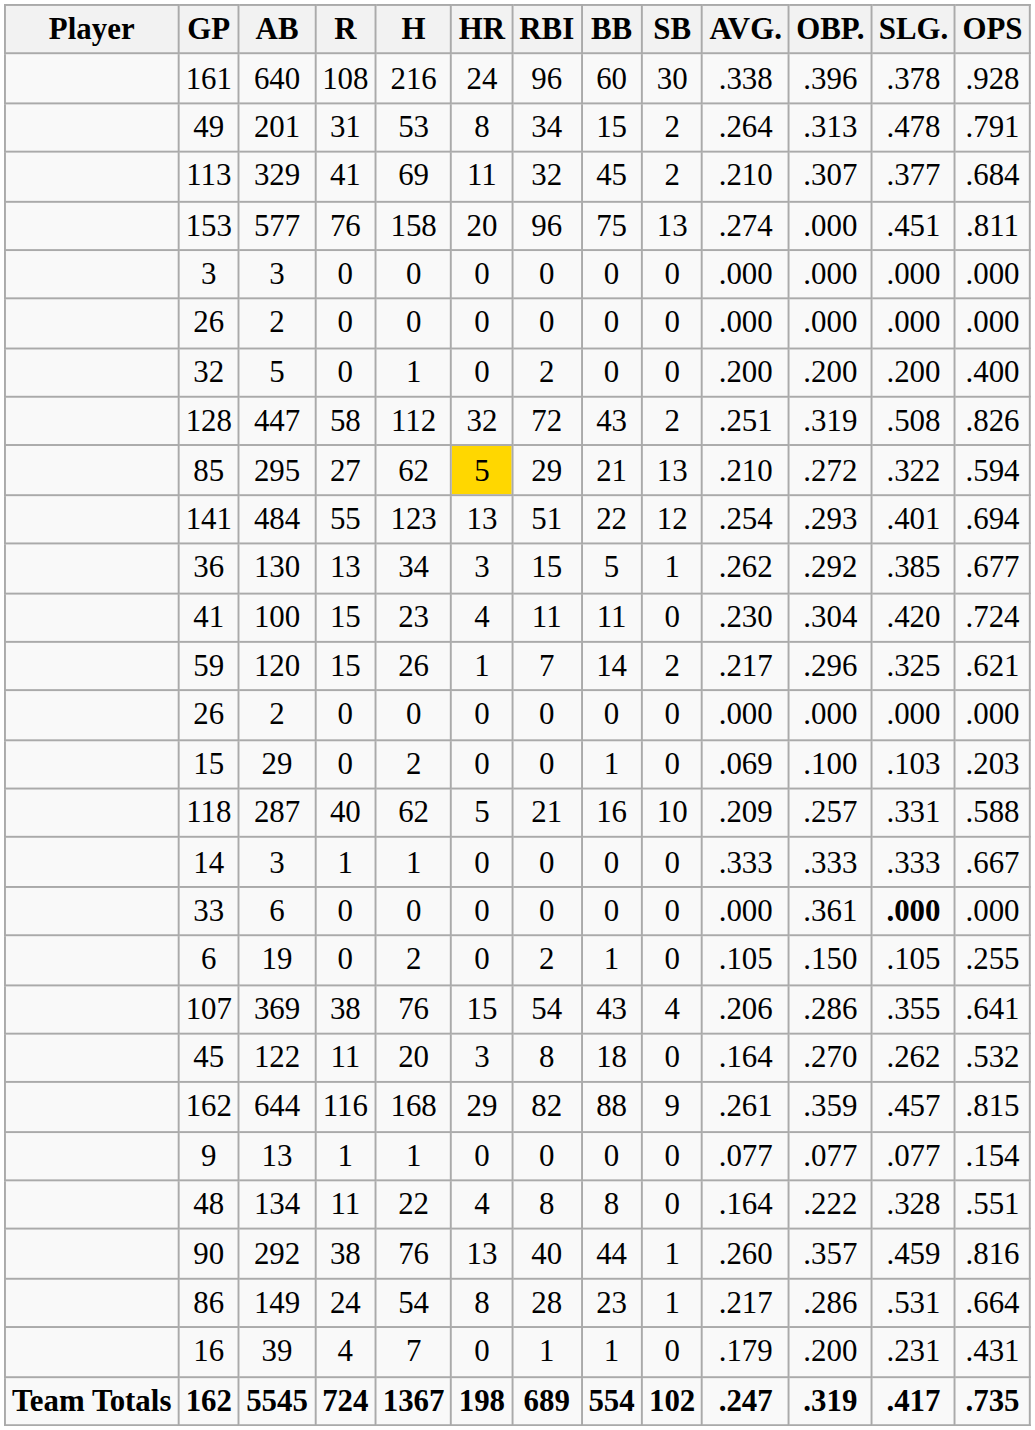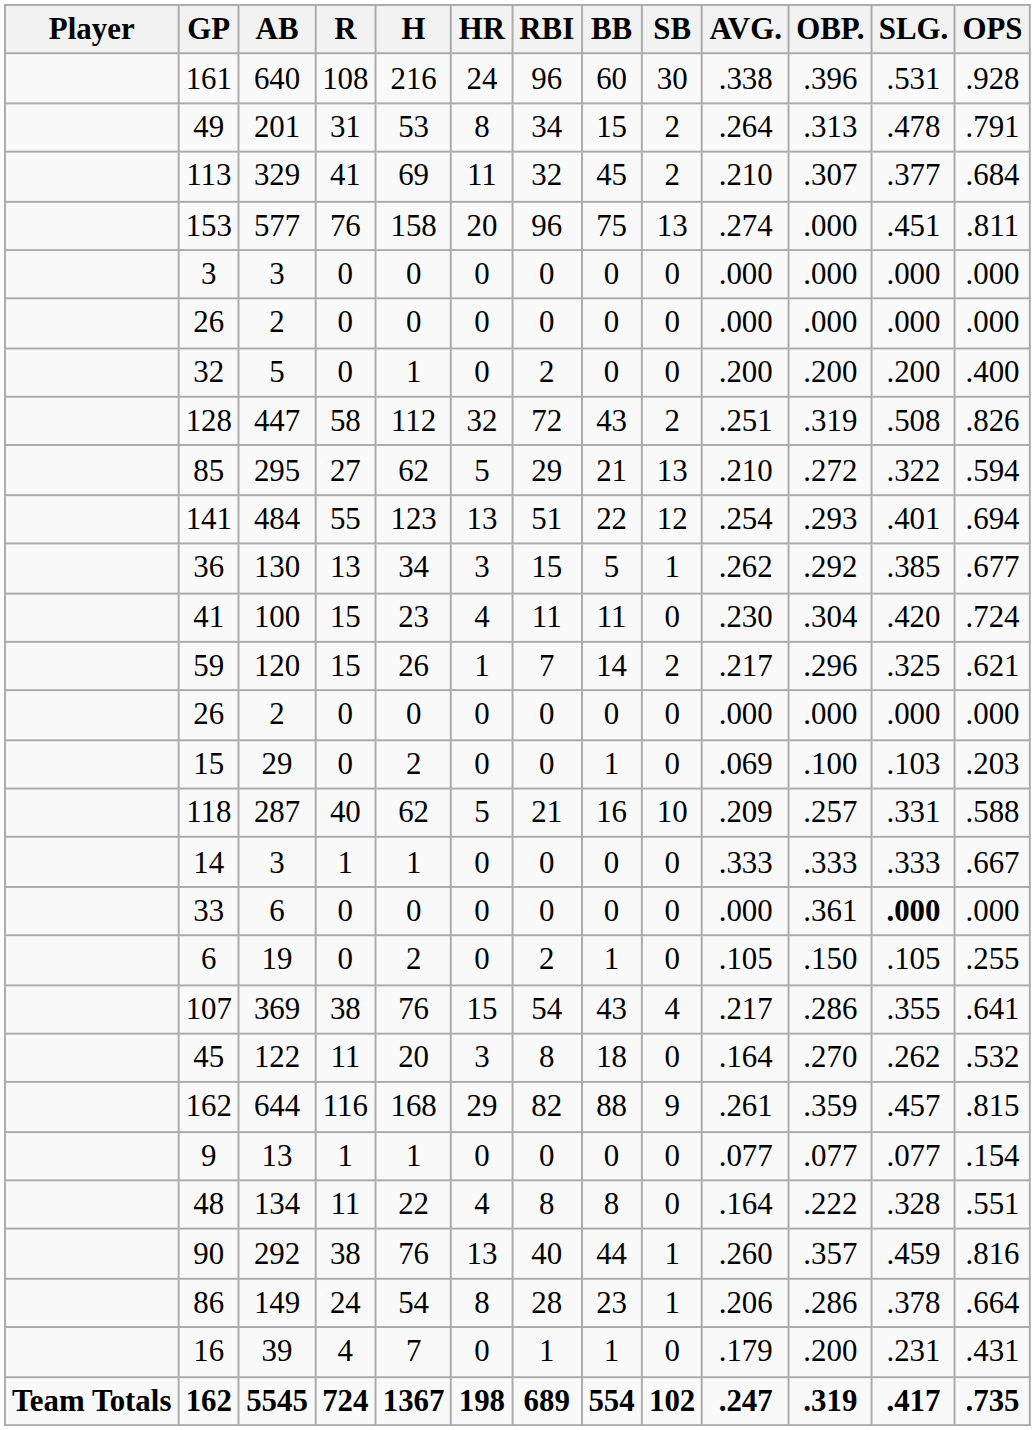 <table class="wikitable sortable" style="text-align:center;">
 <tr>
 <th>Player</th>
 <th>GP</th>
 <th>AB</th>
 <th>R</th>
 <th>H</th>
 <th>HR</th>
 <th>RBI</th>
 <th>BB</th>
 <th>SB</th>
 <th>AVG.</th>
 <th>OBP.</th>
 <th>SLG.</th>
 <th>OPS</th>
 </tr>
 <tr>
 <td align=left></td>
 <td>161</td>
 <td>640</td>
 <td>108</td>
 <td>216</td>
 <td>24</td>
 <td>96</td>
 <td>60</td>
 <td>30</td>
 <td>.338</td>
 <td>.396</td>
-<td>.378</td>
+<td>.531</td>
 <td>.928</td>
 </tr>
 <tr>
 <td align=left></td>
 <td>49</td>
 <td>201</td>
 <td>31</td>
 <td>53</td>
 <td>8</td>
 <td>34</td>
 <td>15</td>
 <td>2</td>
 <td>.264</td>
 <td>.313</td>
 <td>.478</td>
 <td>.791</td>
 </tr>
 <tr>
 <td align=left></td>
 <td>113</td>
 <td>329</td>
 <td>41</td>
 <td>69</td>
 <td>11</td>
 <td>32</td>
 <td>45</td>
 <td>2</td>
 <td>.210</td>
 <td>.307</td>
 <td>.377</td>
 <td>.684</td>
 </tr>
 <tr>
 <td align=left></td>
 <td>153</td>
 <td>577</td>
 <td>76</td>
 <td>158</td>
 <td>20</td>
 <td>96</td>
 <td>75</td>
 <td>13</td>
 <td>.274</td>
 <td>.000</td>
 <td>.451</td>
 <td>.811</td>
 </tr>
 <tr>
 <td align="left"></td>
 <td>3</td>
 <td>3</td>
 <td>0</td>
 <td>0</td>
 <td>0</td>
 <td>0</td>
 <td>0</td>
 <td>0</td>
 <td>.000</td>
 <td>.000</td>
 <td>.000</td>
 <td>.000</td>
 </tr>
 <tr>
 <td align="left"></td>
 <td>26</td>
 <td>2</td>
 <td>0</td>
 <td>0</td>
 <td>0</td>
 <td>0</td>
 <td>0</td>
 <td>0</td>
 <td>.000</td>
 <td>.000</td>
 <td>.000</td>
 <td>.000</td>
 </tr>
 <tr>
 <td align="left"></td>
 <td>32</td>
 <td>5</td>
 <td>0</td>
 <td>1</td>
 <td>0</td>
 <td>2</td>
 <td>0</td>
 <td>0</td>
 <td>.200</td>
 <td>.200</td>
 <td>.200</td>
 <td>.400</td>
 </tr>
 <tr>
 <td align="left"></td>
 <td>128</td>
 <td>447</td>
 <td>58</td>
 <td>112</td>
 <td>32</td>
 <td>72</td>
 <td>43</td>
 <td>2</td>
 <td>.251</td>
 <td>.319</td>
 <td>.508</td>
 <td>.826</td>
 </tr>
 <tr>
 <td align="left"></td>
 <td>85</td>
 <td>295</td>
 <td>27</td>
 <td>62</td>
-<td style="background: gold;">5</td>
+<td>5</td>
 <td>29</td>
 <td>21</td>
 <td>13</td>
 <td>.210</td>
 <td>.272</td>
 <td>.322</td>
 <td>.594</td>
 </tr>
 <tr>
 <td align="left"></td>
 <td>141</td>
 <td>484</td>
 <td>55</td>
 <td>123</td>
 <td>13</td>
 <td>51</td>
 <td>22</td>
 <td>12</td>
 <td>.254</td>
 <td>.293</td>
 <td>.401</td>
 <td>.694</td>
 </tr>
 <tr>
 <td align="left"></td>
 <td>36</td>
 <td>130</td>
 <td>13</td>
 <td>34</td>
 <td>3</td>
 <td>15</td>
 <td>5</td>
 <td>1</td>
 <td>.262</td>
 <td>.292</td>
 <td>.385</td>
 <td>.677</td>
 </tr>
 <tr>
 <td align="left"></td>
 <td>41</td>
 <td>100</td>
 <td>15</td>
 <td>23</td>
 <td>4</td>
 <td>11</td>
 <td>11</td>
 <td>0</td>
 <td>.230</td>
 <td>.304</td>
 <td>.420</td>
 <td>.724</td>
 </tr>
 <tr>
 <td align="left"></td>
 <td>59</td>
 <td>120</td>
 <td>15</td>
 <td>26</td>
 <td>1</td>
 <td>7</td>
 <td>14</td>
 <td>2</td>
 <td>.217</td>
 <td>.296</td>
 <td>.325</td>
 <td>.621</td>
 </tr>
 <tr>
 <td align="left"></td>
 <td>26</td>
 <td>2</td>
 <td>0</td>
 <td>0</td>
 <td>0</td>
 <td>0</td>
 <td>0</td>
 <td>0</td>
 <td>.000</td>
 <td>.000</td>
 <td>.000</td>
 <td>.000</td>
 </tr>
 <tr>
 <td align="left"></td>
 <td>15</td>
 <td>29</td>
 <td>0</td>
 <td>2</td>
 <td>0</td>
 <td>0</td>
 <td>1</td>
 <td>0</td>
 <td>.069</td>
 <td>.100</td>
 <td>.103</td>
 <td>.203</td>
 </tr>
 <tr>
 <td align="left"></td>
 <td>118</td>
 <td>287</td>
 <td>40</td>
 <td>62</td>
 <td>5</td>
 <td>21</td>
 <td>16</td>
 <td>10</td>
 <td>.209</td>
 <td>.257</td>
 <td>.331</td>
 <td>.588</td>
 </tr>
 <tr>
 <td align="left"></td>
 <td>14</td>
 <td>3</td>
 <td>1</td>
 <td>1</td>
 <td>0</td>
 <td>0</td>
 <td>0</td>
 <td>0</td>
 <td>.333</td>
 <td>.333</td>
 <td>.333</td>
 <td>.667</td>
 </tr>
 <tr>
 <td align="left"></td>
 <td>33</td>
 <td>6</td>
 <td>0</td>
 <td>0</td>
 <td>0</td>
 <td>0</td>
 <td>0</td>
 <td>0</td>
 <td>.000</td>
 <td>.361</td>
 <td><strong>.000</strong></td>
 <td>.000</td>
 </tr>
 <tr>
 <td align="left"></td>
 <td>6</td>
 <td>19</td>
 <td>0</td>
 <td>2</td>
 <td>0</td>
 <td>2</td>
 <td>1</td>
 <td>0</td>
 <td>.105</td>
 <td>.150</td>
 <td>.105</td>
 <td>.255</td>
 </tr>
 <tr>
 <td align="left"></td>
 <td>107</td>
 <td>369</td>
 <td>38</td>
 <td>76</td>
 <td>15</td>
 <td>54</td>
 <td>43</td>
 <td>4</td>
-<td>.206</td>
+<td>.217</td>
 <td>.286</td>
 <td>.355</td>
 <td>.641</td>
 </tr>
 <tr>
 <td align="left"></td>
 <td>45</td>
 <td>122</td>
 <td>11</td>
 <td>20</td>
 <td>3</td>
 <td>8</td>
 <td>18</td>
 <td>0</td>
 <td>.164</td>
 <td>.270</td>
 <td>.262</td>
 <td>.532</td>
 </tr>
 <tr>
 <td align="left"></td>
 <td>162</td>
 <td>644</td>
 <td>116</td>
 <td>168</td>
 <td>29</td>
 <td>82</td>
 <td>88</td>
 <td>9</td>
 <td>.261</td>
 <td>.359</td>
 <td>.457</td>
 <td>.815</td>
 </tr>
 <tr>
 <td align="left"></td>
 <td>9</td>
 <td>13</td>
 <td>1</td>
 <td>1</td>
 <td>0</td>
 <td>0</td>
 <td>0</td>
 <td>0</td>
 <td>.077</td>
 <td>.077</td>
 <td>.077</td>
 <td>.154</td>
 </tr>
 <tr>
 <td align="left"></td>
 <td>48</td>
 <td>134</td>
 <td>11</td>
 <td>22</td>
 <td>4</td>
 <td>8</td>
 <td>8</td>
 <td>0</td>
 <td>.164</td>
 <td>.222</td>
 <td>.328</td>
 <td>.551</td>
 </tr>
 <tr>
 <td align="left"></td>
 <td>90</td>
 <td>292</td>
 <td>38</td>
 <td>76</td>
 <td>13</td>
 <td>40</td>
 <td>44</td>
 <td>1</td>
 <td>.260</td>
 <td>.357</td>
 <td>.459</td>
 <td>.816</td>
 </tr>
 <tr>
 <td align="left"></td>
 <td>86</td>
 <td>149</td>
 <td>24</td>
 <td>54</td>
 <td>8</td>
 <td>28</td>
 <td>23</td>
 <td>1</td>
-<td>.217</td>
+<td>.206</td>
 <td>.286</td>
-<td>.531</td>
+<td>.378</td>
 <td>.664</td>
 </tr>
 <tr>
 <td align="left"></td>
 <td>16</td>
 <td>39</td>
 <td>4</td>
 <td>7</td>
 <td>0</td>
 <td>1</td>
 <td>1</td>
 <td>0</td>
 <td>.179</td>
 <td>.200</td>
 <td>.231</td>
 <td>.431</td>
 </tr>
 <tr>
 <td align="left"><strong>Team Totals</strong></td>
 <td><strong>162</strong></td>
 <td><strong>5545</strong></td>
 <td><strong>724</strong></td>
 <td><strong>1367</strong></td>
 <td><strong>198</strong></td>
 <td><strong>689</strong></td>
 <td><strong>554</strong></td>
 <td><strong>102</strong></td>
 <td><strong>.247</strong></td>
 <td><strong>.319</strong></td>
 <td><strong>.417</strong></td>
 <td><strong>.735</strong></td>
 </tr>
 <tr class="sortbottom|}">
 </tr>
 </table>
